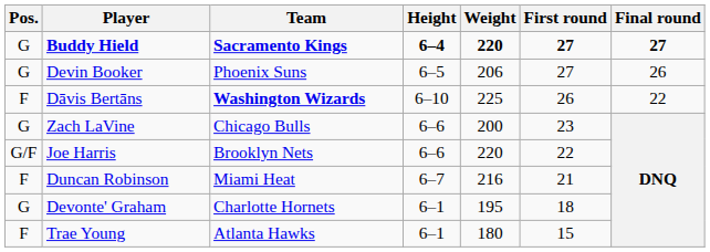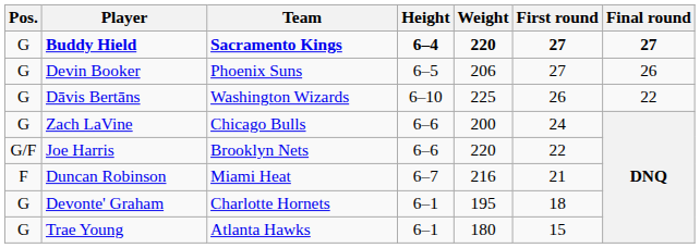 <table class="wikitable">
 <tr>
 <th>Pos.</th>
 <th style="width:150px;">Player</th>
 <th width=175>Team</th>
 <th>Height</th>
 <th>Weight</th>
 <th>First round</th>
 <th>Final round</th>
 </tr>
 <tr>
 <td style="text-align:center">G</td>
 <td><strong><a href='#'>Buddy Hield</a></strong></td>
 <td><strong><a href='#'>Sacramento Kings</a></strong></td>
 <td align=center><strong>6–4</strong></td>
 <td align=center><strong>220</strong></td>
 <td align=center><strong>27</strong></td>
 <td style="text-align:center;"><strong>27</strong></td>
 </tr>
 <tr>
 <td style="text-align:center">G</td>
 <td><a href='#'>Devin Booker</a></td>
 <td><a href='#'>Phoenix Suns</a></td>
 <td align=center>6–5</td>
 <td align=center>206</td>
 <td align=center>27</td>
 <td style="text-align:center;">26</td>
 </tr>
 <tr>
-<td style="text-align:center">F</td>
+<td style="text-align:center">G</td>
 <td><a href='#'>Dāvis Bertāns</a></td>
-<td><strong><a href='#'>Washington Wizards</a></strong></td>
+<td><a href='#'>Washington Wizards</a></td>
 <td align=center>6–10</td>
 <td align=center>225</td>
 <td align=center>26</td>
 <td style="text-align:center;">22</td>
 </tr>
 <tr>
 <td style="text-align:center">G</td>
 <td><a href='#'>Zach LaVine</a></td>
 <td><a href='#'>Chicago Bulls</a></td>
 <td align=center>6–6</td>
 <td align=center>200</td>
-<td align=center>23</td>
+<td align=center>24</td>
 <th rowspan="5" style="text-align:center;">DNQ</th>
 </tr>
 <tr>
 <td style="text-align:center">G/F</td>
 <td><a href='#'>Joe Harris</a></td>
 <td><a href='#'>Brooklyn Nets</a></td>
 <td align=center>6–6</td>
 <td align=center>220</td>
 <td align=center>22</td>
 </tr>
 <tr>
 <td style="text-align:center">F</td>
 <td><a href='#'>Duncan Robinson</a></td>
 <td><a href='#'>Miami Heat</a></td>
 <td align=center>6–7</td>
 <td align=center>216</td>
 <td align=center>21</td>
 </tr>
 <tr>
 <td style="text-align:center">G</td>
 <td><a href='#'>Devonte' Graham</a></td>
 <td><a href='#'>Charlotte Hornets</a></td>
 <td align=center>6–1</td>
 <td align=center>195</td>
 <td align=center>18</td>
 </tr>
 <tr>
-<td style="text-align:center">F</td>
+<td style="text-align:center">G</td>
 <td><a href='#'>Trae Young</a></td>
 <td><a href='#'>Atlanta Hawks</a></td>
 <td align=center>6–1</td>
 <td align=center>180</td>
 <td align=center>15</td>
 </tr>
 </table>
